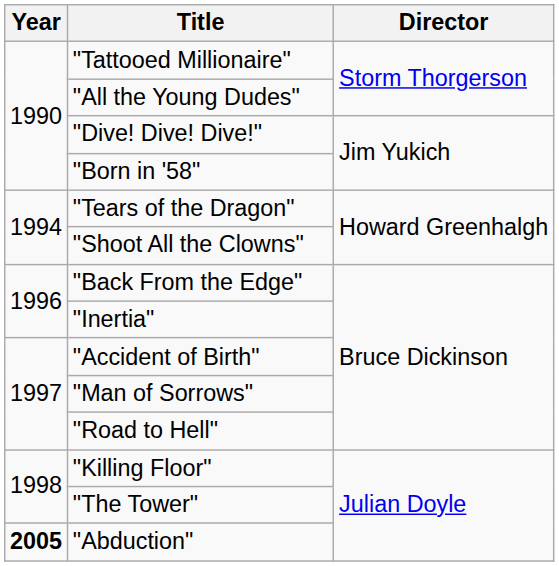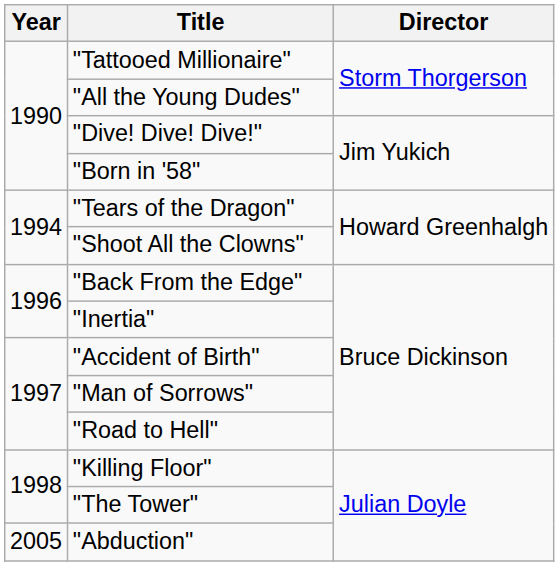 <table class="wikitable" border="1">
 <tr>
 <th>Year</th>
 <th width="175">Title</th>
 <th>Director</th>
 </tr>
 <tr>
 <td rowspan=4>1990</td>
 <td>"Tattooed Millionaire"</td>
 <td rowspan=2><a href='#'>Storm Thorgerson</a></td>
 </tr>
 <tr>
 <td>"All the Young Dudes"</td>
 </tr>
 <tr>
 <td>"Dive! Dive! Dive!"</td>
 <td rowspan=2>Jim Yukich</td>
 </tr>
 <tr>
 <td>"Born in '58"</td>
 </tr>
 <tr>
 <td rowspan=2>1994</td>
 <td>"Tears of the Dragon"</td>
 <td rowspan=2>Howard Greenhalgh</td>
 </tr>
 <tr>
 <td>"Shoot All the Clowns"</td>
 </tr>
 <tr>
 <td rowspan=2>1996</td>
 <td>"Back From the Edge"</td>
 <td rowspan=5>Bruce Dickinson</td>
 </tr>
 <tr>
 <td>"Inertia"</td>
 </tr>
 <tr>
 <td rowspan=3>1997</td>
 <td>"Accident of Birth"</td>
 </tr>
 <tr>
 <td>"Man of Sorrows"</td>
 </tr>
 <tr>
 <td>"Road to Hell"</td>
 </tr>
 <tr>
 <td rowspan=2>1998</td>
 <td>"Killing Floor"</td>
 <td rowspan=3><a href='#'>Julian Doyle</a></td>
 </tr>
 <tr>
 <td>"The Tower"</td>
 </tr>
 <tr>
-<td><strong>2005</strong></td>
+<td>2005</td>
 <td>"Abduction"</td>
 </tr>
 </table>
